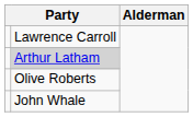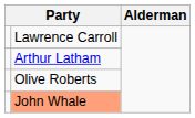 <table class="wikitable">
 <tr>
 <th colspan="2">Party</th>
 <th>Alderman</th>
 </tr>
 <tr>
 <td></td>
 <td>Lawrence Carroll</td>
 </tr>
 <tr>
 <td></td>
-<td style="background: lightgrey;"><a href='#'>Arthur Latham</a></td>
+<td><a href='#'>Arthur Latham</a></td>
 </tr>
 <tr>
 <td></td>
 <td>Olive Roberts</td>
 </tr>
 <tr>
 <td></td>
-<td>John Whale</td>
+<td style="background: lightsalmon;">John Whale</td>
 </tr>
 </table>
